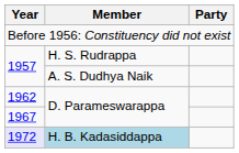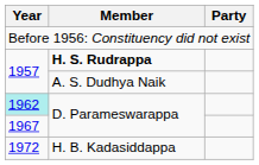 <table class="wikitable">
 <tr>
 <th>Year</th>
 <th>Member</th>
 <th colspan="2">Party</th>
 </tr>
 <tr>
 <td colspan=4>Before 1956: <em>Constituency did not exist</em></td>
 </tr>
 <tr>
 <td rowspan="2"><a href='#'>1957</a></td>
-<td>H. S. Rudrappa</td>
+<td><strong>H. S. Rudrappa</strong></td>
 <td></td>
 </tr>
 <tr>
 <td>A. S. Dudhya Naik</td>
 </tr>
 <tr>
-<td><a href='#'>1962</a></td>
+<td style="background: paleturquoise;"><a href='#'>1962</a></td>
 <td rowspan="2">D. Parameswarappa</td>
 <td></td>
 </tr>
 <tr>
 <td><a href='#'>1967</a></td>
 <td></td>
 </tr>
 <tr>
-<td style="background: lavender;"><a href='#'>1972</a></td>
-<td style="background: lightblue;">H. B. Kadasiddappa</td>
+<td><a href='#'>1972</a></td>
+<td>H. B. Kadasiddappa</td>
 </tr>
 </table>
